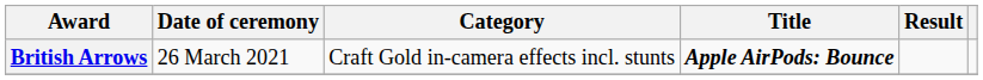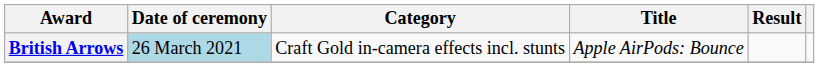 <table class="wikitable sortable plainrowheaders">
 <tr>
 <th scope="col">Award</th>
 <th scope="col">Date of ceremony</th>
 <th scope="col">Category</th>
 <th scope="col">Title</th>
 <th scope="col">Result</th>
 <th scope="col" class="unsortable"></th>
 </tr>
 <tr>
 <th scope="row"><a href='#'>British Arrows</a></th>
-<td>26 March 2021</td>
+<td style="background: lightblue;">26 March 2021</td>
 <td>Craft Gold in-camera effects incl. stunts</td>
-<td><strong><em>Apple AirPods: Bounce</em></strong></td>
+<td><em>Apple AirPods: Bounce</em></td>
 <td></td>
 <td align="center"></td>
 </tr>
 <tr>
 </tr>
 </table>
